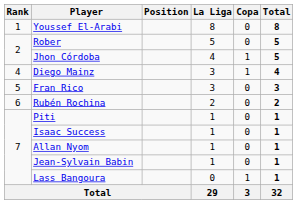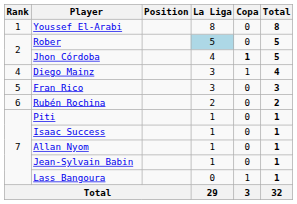 <table class="wikitable">
 <tr>
 <th>Rank</th>
 <th style="width:150px;">Player</th>
 <th>Position</th>
 <th>La Liga</th>
 <th>Copa</th>
 <th>Total</th>
 </tr>
 <tr>
 <td align=center rowspan=1>1</td>
 <td> <a href='#'>Youssef El-Arabi</a></td>
 <td align=center></td>
 <td align=center>8</td>
 <td align=center>0</td>
 <td align=center><strong>8</strong></td>
 </tr>
 <tr>
 <td align=center rowspan=2>2</td>
 <td> <a href='#'>Rober</a></td>
 <td align=center></td>
-<td align=center>5</td>
+<td align=center style="background: lightblue;">5</td>
 <td align=center>0</td>
 <td align=center><strong>5</strong></td>
 </tr>
 <tr>
 <td> <a href='#'>Jhon Córdoba</a></td>
 <td align=center></td>
 <td align=center>4</td>
-<td align=center>1</td>
+<td align=center><strong>1</strong></td>
 <td align=center><strong>5</strong></td>
 </tr>
 <tr>
 <td align=center rowspan=1>4</td>
 <td> <a href='#'>Diego Mainz</a></td>
 <td align=center></td>
 <td align=center>3</td>
 <td align=center>1</td>
 <td align=center><strong>4</strong></td>
 </tr>
 <tr>
 <td align=center rowspan=1>5</td>
 <td> <a href='#'>Fran Rico</a></td>
 <td align=center></td>
 <td align=center>3</td>
 <td align=center>0</td>
 <td align=center><strong>3</strong></td>
 </tr>
 <tr>
 <td align=center rowspan=1>6</td>
 <td> <a href='#'>Rubén Rochina</a></td>
 <td align=center></td>
 <td align=center>2</td>
 <td align=center>0</td>
 <td align=center><strong>2</strong></td>
 </tr>
 <tr>
 <td align=center rowspan=5>7</td>
 <td> <a href='#'>Piti</a></td>
 <td align=center></td>
 <td align=center>1</td>
 <td align=center>0</td>
 <td align=center><strong>1</strong></td>
 </tr>
 <tr>
 <td> <a href='#'>Isaac Success</a></td>
 <td align=center></td>
 <td align=center>1</td>
 <td align=center>0</td>
 <td align=center><strong>1</strong></td>
 </tr>
 <tr>
 <td> <a href='#'>Allan Nyom</a></td>
 <td align=center></td>
 <td align=center>1</td>
 <td align=center>0</td>
 <td align=center><strong>1</strong></td>
 </tr>
 <tr>
 <td> <a href='#'>Jean-Sylvain Babin</a></td>
 <td align=center></td>
 <td align=center>1</td>
 <td align=center>0</td>
 <td align=center><strong>1</strong></td>
 </tr>
 <tr>
 <td> <a href='#'>Lass Bangoura</a></td>
 <td align=center></td>
 <td align=center>0</td>
 <td align=center>1</td>
 <td align=center><strong>1</strong></td>
 </tr>
 <tr>
 <th align=center colspan=3>Total</th>
 <th align=center>29</th>
 <th align=center>3</th>
 <th align=center>32</th>
 </tr>
 </table>
